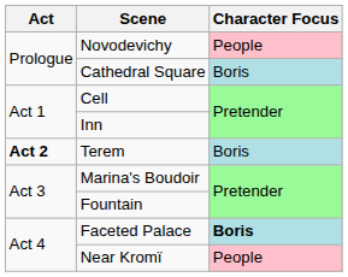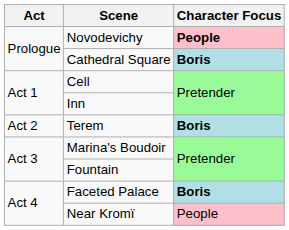 <table class="wikitable" style="font-size:90%; line-height:1.2">
 <tr>
 <th>Act</th>
 <th>Scene</th>
 <th>Character Focus</th>
 </tr>
 <tr>
 <td rowspan=2>Prologue</td>
 <td>Novodevichy</td>
-<td style="background:#FFC0CB">People</td>
+<td style="background:#FFC0CB"><strong>People</strong></td>
 </tr>
 <tr>
 <td>Cathedral Square</td>
-<td style="background:#B0E0E6">Boris</td>
+<td style="background:#B0E0E6"><strong>Boris</strong></td>
 </tr>
 <tr>
 <td rowspan=2>Act 1</td>
 <td>Cell</td>
 <td rowspan="2" style="background:#98FB98">Pretender</td>
 </tr>
 <tr>
 <td>Inn</td>
 </tr>
 <tr>
-<td><strong>Act 2</strong></td>
+<td>Act 2</td>
 <td>Terem</td>
-<td style="background:#B0E0E6">Boris</td>
+<td style="background:#B0E0E6"><strong>Boris</strong></td>
 </tr>
 <tr>
 <td rowspan=2>Act 3</td>
 <td>Marina's Boudoir</td>
 <td rowspan="2" style="background:#98FB98">Pretender</td>
 </tr>
 <tr>
 <td>Fountain</td>
 </tr>
 <tr>
 <td rowspan=2>Act 4</td>
 <td>Faceted Palace</td>
 <td style="background:#B0E0E6"><strong>Boris</strong></td>
 </tr>
 <tr>
 <td>Near Kromï</td>
 <td style="background:#FFC0CB">People</td>
 </tr>
 </table>
